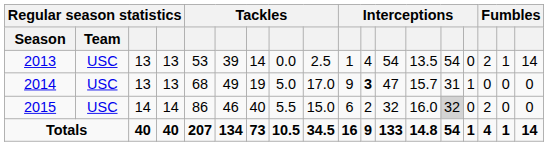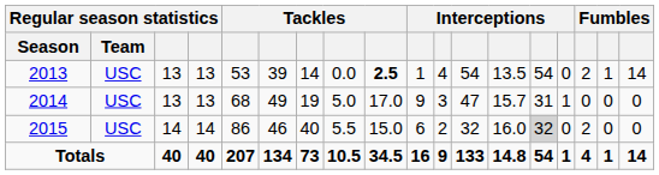 <table class="wikitable sortable" style="text-align:center;">
 <tr>
 <th colspan="4">Regular season statistics</th>
 <th colspan="5">Tackles</th>
 <th colspan="6">Interceptions</th>
 <th colspan="3">Fumbles</th>
 </tr>
 <tr>
 <th>Season</th>
 <th>Team</th>
 <th></th>
 <th></th>
 <th></th>
 <th></th>
 <th></th>
 <th></th>
 <th></th>
 <th></th>
 <th></th>
 <th></th>
 <th></th>
 <th></th>
 <th></th>
 <th></th>
 <th></th>
 <th></th>
 </tr>
 <tr>
 <td><a href='#'>2013</a></td>
 <td><a href='#'>USC</a></td>
 <td>13</td>
 <td>13</td>
 <td>53</td>
 <td>39</td>
 <td>14</td>
 <td>0.0</td>
-<td>2.5</td>
+<td><strong>2.5</strong></td>
 <td>1</td>
 <td>4</td>
 <td>54</td>
 <td>13.5</td>
 <td>54</td>
 <td>0</td>
 <td>2</td>
 <td>1</td>
 <td>14</td>
 </tr>
 <tr>
 <td><a href='#'>2014</a></td>
 <td><a href='#'>USC</a></td>
 <td>13</td>
 <td>13</td>
 <td>68</td>
 <td>49</td>
 <td>19</td>
 <td>5.0</td>
 <td>17.0</td>
 <td>9</td>
-<td><strong>3</strong></td>
+<td>3</td>
 <td>47</td>
 <td>15.7</td>
 <td>31</td>
 <td>1</td>
 <td>0</td>
 <td>0</td>
 <td>0</td>
 </tr>
 <tr>
 <td><a href='#'>2015</a></td>
 <td><a href='#'>USC</a></td>
 <td>14</td>
 <td>14</td>
 <td>86</td>
 <td>46</td>
 <td>40</td>
 <td>5.5</td>
 <td>15.0</td>
 <td>6</td>
 <td>2</td>
 <td>32</td>
 <td>16.0</td>
 <td style="background: lightgrey;">32</td>
 <td>0</td>
 <td>2</td>
 <td>0</td>
 <td>0</td>
 </tr>
 <tr class="sortbottom">
 <td colspan="2"><strong>Totals</strong></td>
 <td><strong>40</strong></td>
 <td><strong>40</strong></td>
 <td><strong>207</strong></td>
 <td><strong>134</strong></td>
 <td><strong>73</strong></td>
 <td><strong>10.5</strong></td>
 <td><strong>34.5</strong></td>
 <td><strong>16</strong></td>
 <td><strong>9</strong></td>
 <td><strong>133</strong></td>
 <td><strong>14.8</strong></td>
 <td><strong>54</strong></td>
 <td><strong>1</strong></td>
 <td><strong>4</strong></td>
 <td><strong>1</strong></td>
 <td><strong>14</strong></td>
 </tr>
 </table>
